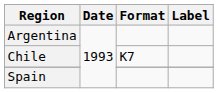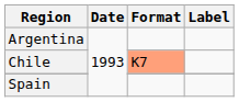 <table class="wikitable">
 <tr>
 <th>Region</th>
 <th>Date</th>
 <th>Format</th>
 <th>Label</th>
 </tr>
 <tr>
 <td scope="row" style="background-color: #f2f2f2;">Argentina</td>
 <td rowspan="6">1993</td>
 <td></td>
 <td></td>
 </tr>
 <tr>
 <td scope="row" style="background-color: #f2f2f2;">Chile</td>
-<td>K7</td>
+<td style="background: lightsalmon;">K7</td>
 <td></td>
 </tr>
 <tr>
 </tr>
 <tr>
 <td scope="row" style="background-color: #f2f2f2;">Spain</td>
 <td></td>
 <td></td>
 </tr>
 </table>
